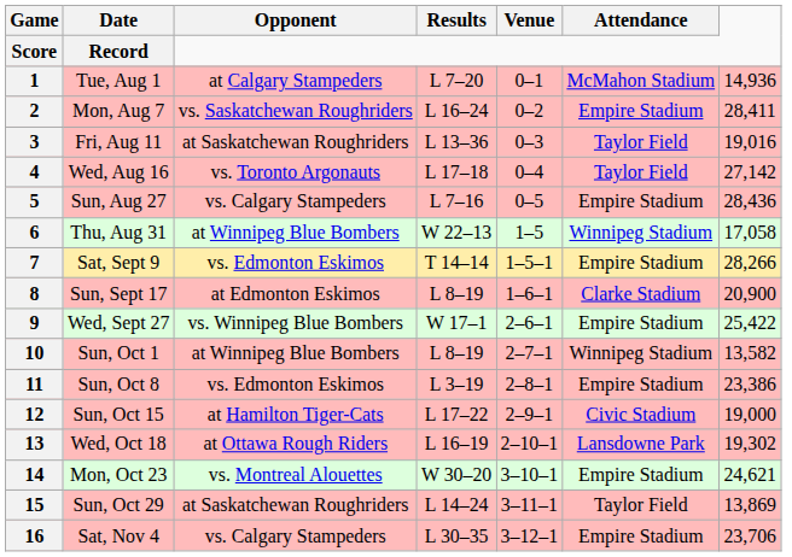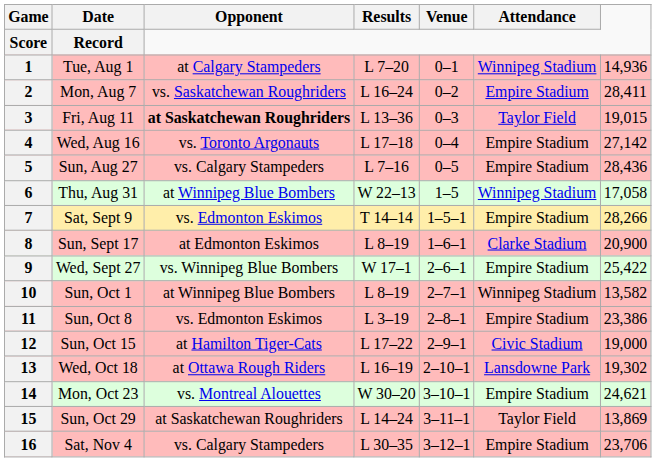 <table class="wikitable" style="text-align:center">
 <tr>
 <th>Game</th>
 <th>Date</th>
 <th>Opponent</th>
 <th>Results</th>
 <th>Venue</th>
 <th>Attendance</th>
 </tr>
 <tr>
 <th>Score</th>
 <th>Record</th>
 </tr>
 <tr style="background:#ffbbbb">
 <th>1</th>
 <td>Tue, Aug 1</td>
 <td>at <a href='#'>Calgary Stampeders</a></td>
 <td>L 7–20</td>
 <td>0–1</td>
-<td><a href='#'>McMahon Stadium</a></td>
+<td><a href='#'>Winnipeg Stadium</a></td>
 <td>14,936</td>
 </tr>
 <tr style="background:#ffbbbb">
 <th>2</th>
 <td>Mon, Aug 7</td>
 <td>vs. <a href='#'>Saskatchewan Roughriders</a></td>
 <td>L 16–24</td>
 <td>0–2</td>
 <td><a href='#'>Empire Stadium</a></td>
 <td>28,411</td>
 </tr>
 <tr style="background:#ffbbbb">
 <th>3</th>
 <td>Fri, Aug 11</td>
-<td>at Saskatchewan Roughriders</td>
+<td><strong>at Saskatchewan Roughriders</strong></td>
 <td>L 13–36</td>
 <td>0–3</td>
 <td><a href='#'>Taylor Field</a></td>
-<td>19,016</td>
+<td>19,015</td>
 </tr>
 <tr style="background:#ffbbbb">
 <th>4</th>
 <td>Wed, Aug 16</td>
 <td>vs. <a href='#'>Toronto Argonauts</a></td>
 <td>L 17–18</td>
 <td>0–4</td>
-<td><a href='#'>Taylor Field</a></td>
+<td>Empire Stadium</td>
 <td>27,142</td>
 </tr>
 <tr style="background:#ffbbbb">
 <th>5</th>
 <td>Sun, Aug 27</td>
 <td>vs. Calgary Stampeders</td>
 <td>L 7–16</td>
 <td>0–5</td>
 <td>Empire Stadium</td>
 <td>28,436</td>
 </tr>
 <tr style="background:#ddffdd">
 <th>6</th>
 <td>Thu, Aug 31</td>
 <td>at <a href='#'>Winnipeg Blue Bombers</a></td>
 <td>W 22–13</td>
 <td>1–5</td>
 <td><a href='#'>Winnipeg Stadium</a></td>
 <td>17,058</td>
 </tr>
 <tr style="background:#ffeeaa">
 <th>7</th>
 <td>Sat, Sept 9</td>
 <td>vs. <a href='#'>Edmonton Eskimos</a></td>
 <td>T 14–14</td>
 <td>1–5–1</td>
 <td>Empire Stadium</td>
 <td>28,266</td>
 </tr>
 <tr style="background:#ffbbbb">
 <th>8</th>
 <td>Sun, Sept 17</td>
 <td>at Edmonton Eskimos</td>
 <td>L 8–19</td>
 <td>1–6–1</td>
 <td><a href='#'>Clarke Stadium</a></td>
 <td>20,900</td>
 </tr>
 <tr style="background:#ddffdd">
 <th>9</th>
 <td>Wed, Sept 27</td>
 <td>vs. Winnipeg Blue Bombers</td>
 <td>W 17–1</td>
 <td>2–6–1</td>
 <td>Empire Stadium</td>
 <td>25,422</td>
 </tr>
 <tr style="background:#ffbbbb">
 <th>10</th>
 <td>Sun, Oct 1</td>
 <td>at Winnipeg Blue Bombers</td>
 <td>L 8–19</td>
 <td>2–7–1</td>
 <td>Winnipeg Stadium</td>
 <td>13,582</td>
 </tr>
 <tr style="background:#ffbbbb">
 <th>11</th>
 <td>Sun, Oct 8</td>
 <td>vs. Edmonton Eskimos</td>
 <td>L 3–19</td>
 <td>2–8–1</td>
 <td>Empire Stadium</td>
 <td>23,386</td>
 </tr>
 <tr style="background:#ffbbbb">
 <th>12</th>
 <td>Sun, Oct 15</td>
 <td>at <a href='#'>Hamilton Tiger-Cats</a></td>
 <td>L 17–22</td>
 <td>2–9–1</td>
 <td><a href='#'>Civic Stadium</a></td>
 <td>19,000</td>
 </tr>
 <tr style="background:#ffbbbb">
 <th>13</th>
 <td>Wed, Oct 18</td>
 <td>at <a href='#'>Ottawa Rough Riders</a></td>
 <td>L 16–19</td>
 <td>2–10–1</td>
 <td><a href='#'>Lansdowne Park</a></td>
 <td>19,302</td>
 </tr>
 <tr style="background:#ddffdd">
 <th>14</th>
 <td>Mon, Oct 23</td>
 <td>vs. <a href='#'>Montreal Alouettes</a></td>
 <td>W 30–20</td>
 <td>3–10–1</td>
 <td>Empire Stadium</td>
 <td>24,621</td>
 </tr>
 <tr style="background:#ffbbbb">
 <th>15</th>
 <td>Sun, Oct 29</td>
 <td>at Saskatchewan Roughriders</td>
 <td>L 14–24</td>
 <td>3–11–1</td>
 <td>Taylor Field</td>
 <td>13,869</td>
 </tr>
 <tr style="background:#ffbbbb">
 <th>16</th>
 <td>Sat, Nov 4</td>
 <td>vs. Calgary Stampeders</td>
 <td>L 30–35</td>
 <td>3–12–1</td>
 <td>Empire Stadium</td>
 <td>23,706</td>
 </tr>
 </table>
